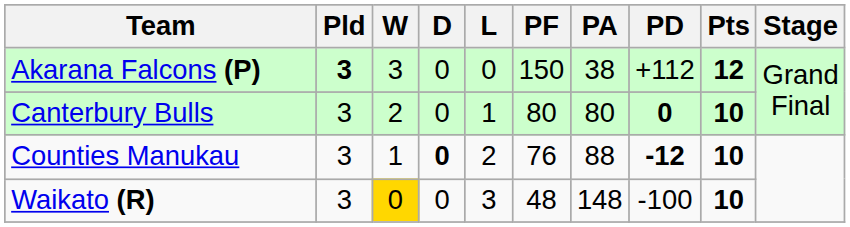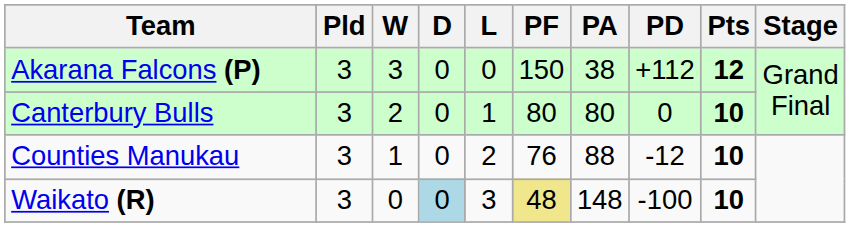 <table class="wikitable" style="text-align:center;">
 <tr>
 <th width="175">Team</th>
 <th width="20">Pld</th>
 <th width="20">W</th>
 <th width="20">D</th>
 <th width="20">L</th>
 <th width="20">PF</th>
 <th width="20">PA</th>
 <th>PD</th>
 <th width="20">Pts</th>
 <th width="20">Stage</th>
 </tr>
 <tr style="background: #ccffcc;">
 <td style="text-align:left;"> <a href='#'>Akarana Falcons</a> <strong>(P)</strong></td>
-<td><strong>3</strong></td>
+<td>3</td>
 <td>3</td>
 <td>0</td>
 <td>0</td>
 <td>150</td>
 <td>38</td>
 <td>+112</td>
 <td><strong>12</strong></td>
 <td rowspan="2">Grand Final</td>
 </tr>
 <tr style="background: #ccffcc;">
 <td style="text-align:left;"> <a href='#'>Canterbury Bulls</a></td>
 <td>3</td>
 <td>2</td>
 <td>0</td>
 <td>1</td>
 <td>80</td>
 <td>80</td>
-<td><strong>0</strong></td>
+<td>0</td>
 <td><strong>10</strong></td>
 </tr>
 <tr>
 <td style="text-align:left;"> <a href='#'>Counties Manukau</a></td>
 <td>3</td>
 <td>1</td>
-<td><strong>0</strong></td>
+<td>0</td>
 <td>2</td>
 <td>76</td>
 <td>88</td>
-<td><strong>-12</strong></td>
+<td>-12</td>
 <td><strong>10</strong></td>
 <td rowspan="2"></td>
 </tr>
 <tr>
 <td style="text-align:left;"> <a href='#'>Waikato</a> <strong>(R)</strong></td>
 <td>3</td>
-<td style="background: gold;">0</td>
 <td>0</td>
+<td style="background: lightblue;">0</td>
 <td>3</td>
-<td>48</td>
+<td style="background: khaki;">48</td>
 <td>148</td>
 <td>-100</td>
 <td><strong>10</strong></td>
 </tr>
 </table>
